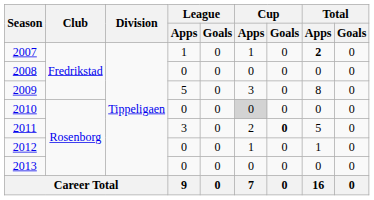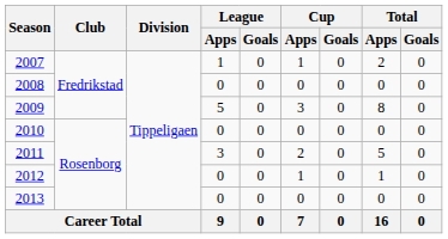 <table class="wikitable" style="text-align: center;">
 <tr>
 <th rowspan="2">Season</th>
 <th rowspan="2">Club</th>
 <th rowspan="2">Division</th>
 <th colspan="2">League</th>
 <th colspan="2">Cup</th>
 <th colspan="2">Total</th>
 </tr>
 <tr>
 <th>Apps</th>
 <th>Goals</th>
 <th>Apps</th>
 <th>Goals</th>
 <th>Apps</th>
 <th>Goals</th>
 </tr>
 <tr>
 <td><a href='#'>2007</a></td>
 <td rowspan="3" valign="center"><a href='#'>Fredrikstad</a></td>
 <td rowspan="7" valign="center"><a href='#'>Tippeligaen</a></td>
 <td>1</td>
 <td>0</td>
 <td>1</td>
 <td>0</td>
-<td><strong>2</strong></td>
+<td>2</td>
 <td>0</td>
 </tr>
 <tr>
 <td><a href='#'>2008</a></td>
 <td>0</td>
 <td>0</td>
 <td>0</td>
 <td>0</td>
 <td>0</td>
 <td>0</td>
 </tr>
 <tr>
 <td><a href='#'>2009</a></td>
 <td>5</td>
 <td>0</td>
 <td>3</td>
 <td>0</td>
 <td>8</td>
 <td>0</td>
 </tr>
 <tr>
 <td><a href='#'>2010</a></td>
 <td rowspan="4" valign="center"><a href='#'>Rosenborg</a></td>
 <td>0</td>
 <td>0</td>
-<td style="background: lightgrey;">0</td>
+<td>0</td>
 <td>0</td>
 <td>0</td>
 <td>0</td>
 </tr>
 <tr>
 <td><a href='#'>2011</a></td>
 <td>3</td>
 <td>0</td>
 <td>2</td>
-<td><strong>0</strong></td>
+<td>0</td>
 <td>5</td>
 <td>0</td>
 </tr>
 <tr>
 <td><a href='#'>2012</a></td>
 <td>0</td>
 <td>0</td>
 <td>1</td>
 <td>0</td>
 <td>1</td>
 <td>0</td>
 </tr>
 <tr>
 <td><a href='#'>2013</a></td>
 <td>0</td>
 <td>0</td>
 <td>0</td>
 <td>0</td>
 <td>0</td>
 <td>0</td>
 </tr>
 <tr>
 <th colspan="3">Career Total</th>
 <th>9</th>
 <th>0</th>
 <th>7</th>
 <th>0</th>
 <th>16</th>
 <th>0</th>
 </tr>
 </table>
